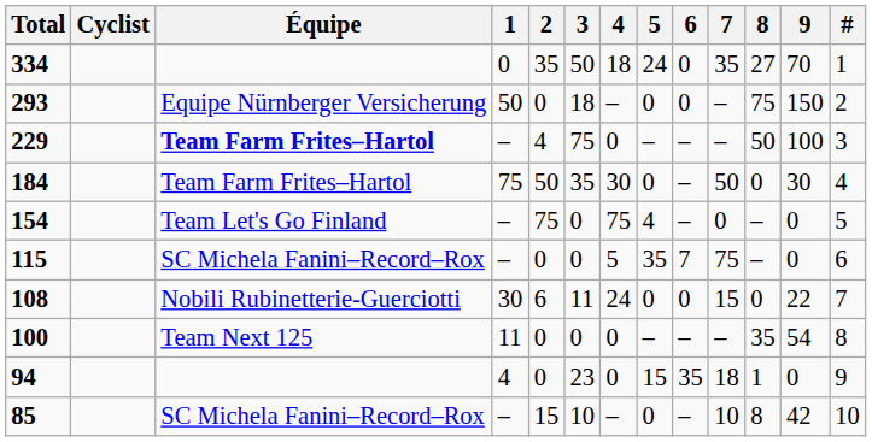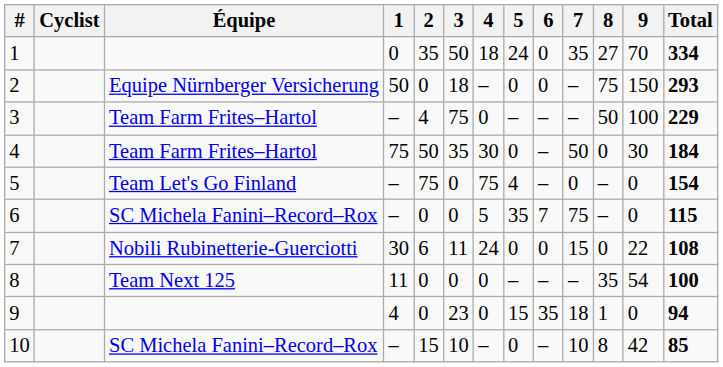 <table class="wikitable">
 <tr>
-<th>Total</th>
+<th>#</th>
 <th>Cyclist</th>
 <th>Équipe</th>
 <th>1</th>
 <th>2</th>
 <th>3</th>
 <th>4</th>
 <th>5</th>
 <th>6</th>
 <th>7</th>
 <th>8</th>
 <th>9</th>
-<th>#</th>
+<th>Total</th>
 </tr>
 <tr>
-<td><strong>334</strong></td>
+<td>1</td>
 <td align=left></td>
 <td align=left></td>
 <td>0</td>
 <td>35</td>
 <td>50</td>
 <td>18</td>
 <td>24</td>
 <td>0</td>
 <td>35</td>
 <td>27</td>
 <td>70</td>
-<td>1</td>
+<td><strong>334</strong></td>
 </tr>
 <tr>
-<td><strong>293</strong></td>
+<td>2</td>
 <td align=left></td>
 <td align=left><a href='#'>Equipe Nürnberger Versicherung</a></td>
 <td>50</td>
 <td>0</td>
 <td>18</td>
 <td>–</td>
 <td>0</td>
 <td>0</td>
 <td>–</td>
 <td>75</td>
 <td>150</td>
-<td>2</td>
+<td><strong>293</strong></td>
 </tr>
 <tr>
-<td><strong>229</strong></td>
+<td>3</td>
 <td align=left></td>
-<td align=left><strong><a href='#'>Team Farm Frites–Hartol</a></strong></td>
+<td align=left><a href='#'>Team Farm Frites–Hartol</a></td>
 <td>–</td>
 <td>4</td>
 <td>75</td>
 <td>0</td>
 <td>–</td>
 <td>–</td>
 <td>–</td>
 <td>50</td>
 <td>100</td>
-<td>3</td>
+<td><strong>229</strong></td>
 </tr>
 <tr>
-<td><strong>184</strong></td>
+<td>4</td>
 <td align=left></td>
 <td align=left><a href='#'>Team Farm Frites–Hartol</a></td>
 <td>75</td>
 <td>50</td>
 <td>35</td>
 <td>30</td>
 <td>0</td>
 <td>–</td>
 <td>50</td>
 <td>0</td>
 <td>30</td>
-<td>4</td>
+<td><strong>184</strong></td>
 </tr>
 <tr>
-<td><strong>154</strong></td>
+<td>5</td>
 <td align=left></td>
 <td align=left><a href='#'>Team Let's Go Finland</a></td>
 <td>–</td>
 <td>75</td>
 <td>0</td>
 <td>75</td>
 <td>4</td>
 <td>–</td>
 <td>0</td>
 <td>–</td>
 <td>0</td>
-<td>5</td>
+<td><strong>154</strong></td>
 </tr>
 <tr>
-<td><strong>115</strong></td>
+<td>6</td>
 <td align=left></td>
 <td align=left><a href='#'>SC Michela Fanini–Record–Rox</a></td>
 <td>–</td>
 <td>0</td>
 <td>0</td>
 <td>5</td>
 <td>35</td>
 <td>7</td>
 <td>75</td>
 <td>–</td>
 <td>0</td>
-<td>6</td>
+<td><strong>115</strong></td>
 </tr>
 <tr>
-<td><strong>108</strong></td>
+<td>7</td>
 <td align=left></td>
 <td align=left><a href='#'>Nobili Rubinetterie-Guerciotti</a></td>
 <td>30</td>
 <td>6</td>
 <td>11</td>
 <td>24</td>
 <td>0</td>
 <td>0</td>
 <td>15</td>
 <td>0</td>
 <td>22</td>
-<td>7</td>
+<td><strong>108</strong></td>
 </tr>
 <tr>
-<td><strong>100</strong></td>
+<td>8</td>
 <td align=left></td>
 <td align=left><a href='#'>Team Next 125</a></td>
 <td>11</td>
 <td>0</td>
 <td>0</td>
 <td>0</td>
 <td>–</td>
 <td>–</td>
 <td>–</td>
 <td>35</td>
 <td>54</td>
-<td>8</td>
+<td><strong>100</strong></td>
 </tr>
 <tr>
-<td><strong>94</strong></td>
+<td>9</td>
 <td align=left></td>
 <td align=left></td>
 <td>4</td>
 <td>0</td>
 <td>23</td>
 <td>0</td>
 <td>15</td>
 <td>35</td>
 <td>18</td>
 <td>1</td>
 <td>0</td>
-<td>9</td>
+<td><strong>94</strong></td>
 </tr>
 <tr>
-<td><strong>85</strong></td>
+<td>10</td>
 <td align=left></td>
 <td align=left><a href='#'>SC Michela Fanini–Record–Rox</a></td>
 <td>–</td>
 <td>15</td>
 <td>10</td>
 <td>–</td>
 <td>0</td>
 <td>–</td>
 <td>10</td>
 <td>8</td>
 <td>42</td>
-<td>10</td>
+<td><strong>85</strong></td>
 </tr>
 </table>
